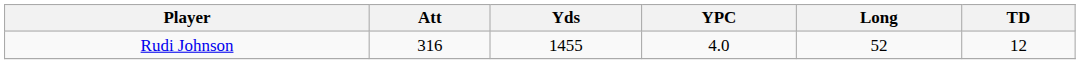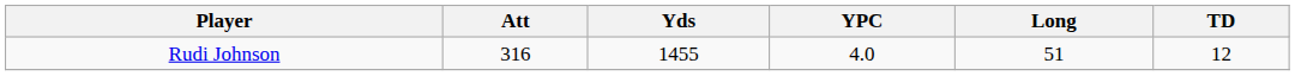 <table class="wikitable" style="text-align:center;" width="80%">
 <tr>
 <th>Player</th>
 <th>Att</th>
 <th>Yds</th>
 <th>YPC</th>
 <th>Long</th>
 <th>TD</th>
 </tr>
 <tr align="center" bgcolor="">
 <td><a href='#'>Rudi Johnson</a></td>
 <td>316</td>
 <td>1455</td>
 <td>4.0</td>
-<td>52</td>
+<td>51</td>
 <td>12</td>
 </tr>
 <tr align="center" bgcolor="">
 </tr>
 </table>
